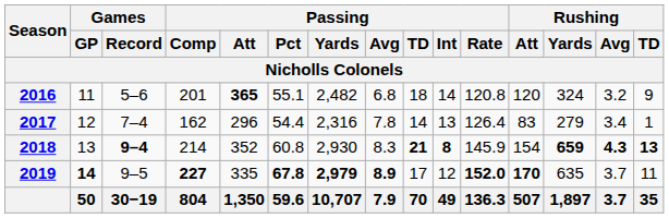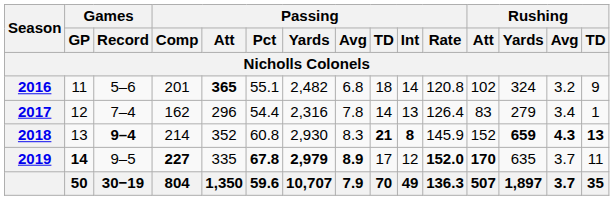 <table class="wikitable" style="text-align:center;">
 <tr>
 <th rowspan="2">Season</th>
 <th colspan="2">Games</th>
 <th colspan="8">Passing</th>
 <th colspan="4">Rushing</th>
 </tr>
 <tr>
 <th>GP</th>
 <th>Record</th>
 <th>Comp</th>
 <th>Att</th>
 <th>Pct</th>
 <th>Yards</th>
 <th>Avg</th>
 <th>TD</th>
 <th>Int</th>
 <th>Rate</th>
 <th>Att</th>
 <th>Yards</th>
 <th>Avg</th>
 <th>TD</th>
 </tr>
 <tr>
 <th colspan="16">Nicholls Colonels</th>
 </tr>
 <tr>
 <th><a href='#'>2016</a></th>
 <td>11</td>
 <td>5–6</td>
 <td>201</td>
 <td><strong>365</strong></td>
 <td>55.1</td>
 <td>2,482</td>
 <td>6.8</td>
 <td>18</td>
 <td>14</td>
 <td>120.8</td>
-<td>120</td>
+<td>102</td>
 <td>324</td>
 <td>3.2</td>
 <td>9</td>
 </tr>
 <tr>
 <th><a href='#'>2017</a></th>
 <td>12</td>
 <td>7–4</td>
 <td>162</td>
 <td>296</td>
 <td>54.4</td>
 <td>2,316</td>
 <td>7.8</td>
 <td>14</td>
 <td>13</td>
 <td>126.4</td>
 <td>83</td>
 <td>279</td>
 <td>3.4</td>
 <td>1</td>
 </tr>
 <tr>
 <th><a href='#'>2018</a></th>
 <td>13</td>
 <td><strong>9–4</strong></td>
 <td>214</td>
 <td>352</td>
 <td>60.8</td>
 <td>2,930</td>
 <td>8.3</td>
 <td><strong>21</strong></td>
 <td><strong>8</strong></td>
 <td>145.9</td>
-<td>154</td>
+<td>152</td>
 <td><strong>659</strong></td>
 <td><strong>4.3</strong></td>
 <td><strong>13</strong></td>
 </tr>
 <tr>
 <th><a href='#'>2019</a></th>
 <td><strong>14</strong></td>
 <td>9–5</td>
 <td><strong>227</strong></td>
 <td>335</td>
 <td><strong>67.8</strong></td>
 <td><strong>2,979</strong></td>
 <td><strong>8.9</strong></td>
 <td>17</td>
 <td>12</td>
 <td><strong>152.0</strong></td>
 <td><strong>170</strong></td>
 <td>635</td>
 <td>3.7</td>
 <td>11</td>
 </tr>
 <tr>
 <th></th>
 <th>50</th>
 <th>30−19</th>
 <th>804</th>
 <th>1,350</th>
 <th>59.6</th>
 <th>10,707</th>
 <th>7.9</th>
 <th>70</th>
 <th>49</th>
 <th>136.3</th>
 <th>507</th>
 <th>1,897</th>
 <th>3.7</th>
 <th>35</th>
 </tr>
 </table>
